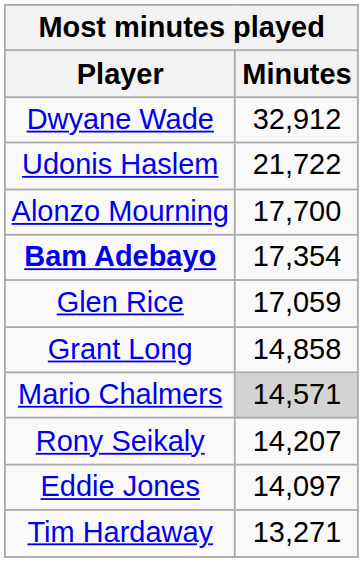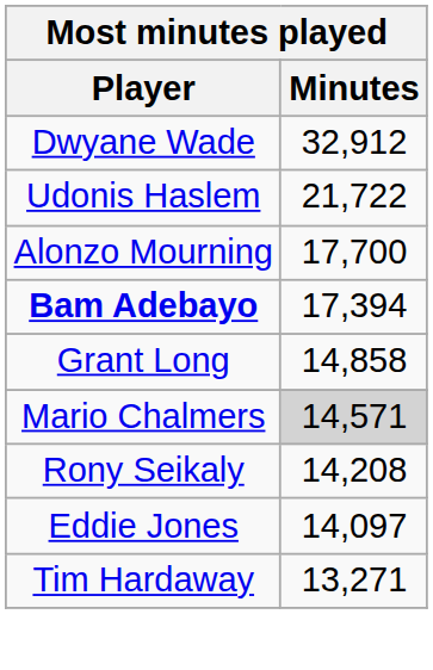 <table class="wikitable sortable" style="text-align:center;">
 <tr>
 <th colspan="2">Most minutes played</th>
 </tr>
 <tr>
 <th>Player</th>
 <th>Minutes</th>
 </tr>
 <tr>
 <td><a href='#'>Dwyane Wade</a></td>
 <td>32,912</td>
 </tr>
 <tr>
 <td><a href='#'>Udonis Haslem</a></td>
 <td>21,722</td>
 </tr>
 <tr>
 <td><a href='#'>Alonzo Mourning</a></td>
 <td>17,700</td>
 </tr>
 <tr>
 <td><strong><a href='#'>Bam Adebayo</a></strong></td>
-<td>17,354</td>
-</tr>
-<tr>
-<td><a href='#'>Glen Rice</a></td>
-<td>17,059</td>
+<td>17,394</td>
 </tr>
 <tr>
 <td><a href='#'>Grant Long</a></td>
 <td>14,858</td>
 </tr>
 <tr>
 <td><a href='#'>Mario Chalmers</a></td>
 <td style="background: lightgrey;">14,571</td>
 </tr>
 <tr>
 <td><a href='#'>Rony Seikaly</a></td>
-<td>14,207</td>
+<td>14,208</td>
 </tr>
 <tr>
 <td><a href='#'>Eddie Jones</a></td>
 <td>14,097</td>
 </tr>
 <tr>
 <td><a href='#'>Tim Hardaway</a></td>
 <td>13,271</td>
 </tr>
 </table>
